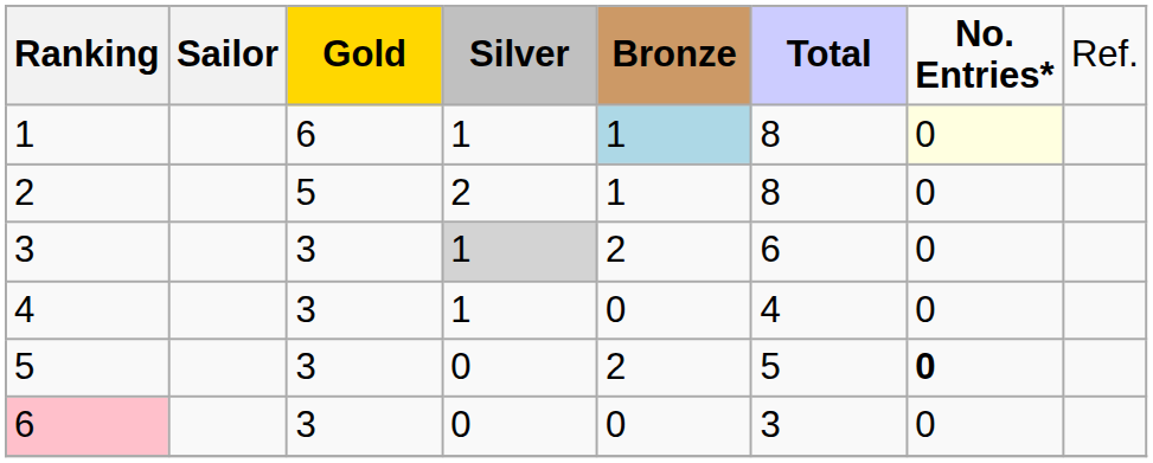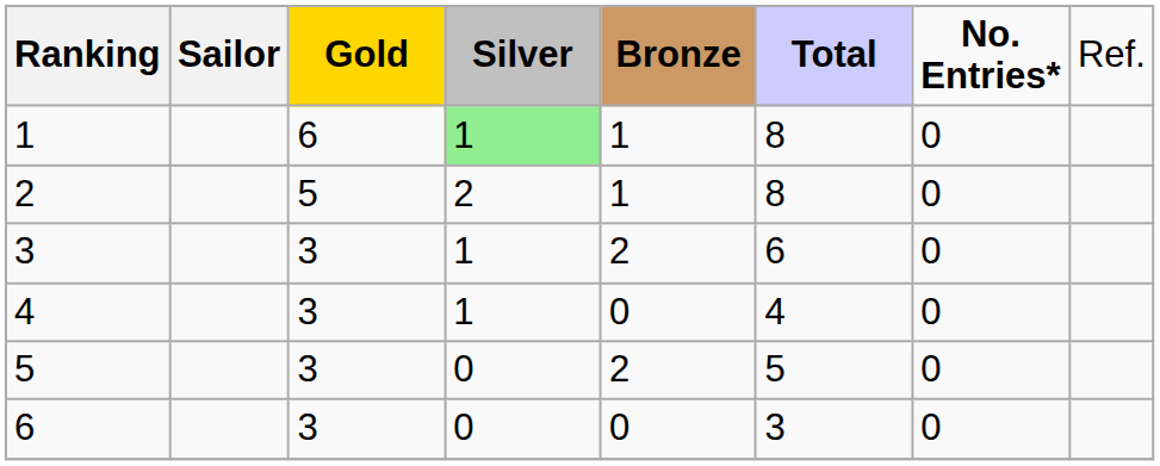 <table class="wikitable sortable">
 <tr>
 <th align=center><strong>Ranking</strong></th>
 <th align=center><strong>Sailor</strong></th>
 <td style="background:gold; width:60px; text-align:center;"><strong>Gold</strong></td>
 <td style="background:silver; width:60px; text-align:center;"><strong>Silver</strong></td>
 <td style="background:#c96; width:60px; text-align:center;"><strong>Bronze</strong></td>
 <td style="background:#ccf; width:60px; text-align:center;"><strong>Total</strong></td>
 <td style="width:60px; text-align:center;"><strong>No. Entries*</strong></td>
 <td>Ref.</td>
 </tr>
 <tr>
 <td>1</td>
 <td></td>
 <td>6</td>
+<td style="background: lightgreen;">1</td>
 <td>1</td>
-<td style="background: lightblue;">1</td>
 <td>8</td>
-<td style="background: lightyellow;">0</td>
+<td>0</td>
 <td></td>
 </tr>
 <tr>
 <td>2</td>
 <td></td>
 <td>5</td>
 <td>2</td>
 <td>1</td>
 <td>8</td>
 <td>0</td>
 <td></td>
 </tr>
 <tr>
 <td>3</td>
 <td></td>
 <td>3</td>
-<td style="background: lightgrey;">1</td>
+<td>1</td>
 <td>2</td>
 <td>6</td>
 <td>0</td>
 <td></td>
 </tr>
 <tr>
 <td>4</td>
 <td></td>
 <td>3</td>
 <td>1</td>
 <td>0</td>
 <td>4</td>
 <td>0</td>
 <td></td>
 </tr>
 <tr>
 <td>5</td>
 <td></td>
 <td>3</td>
 <td>0</td>
 <td>2</td>
 <td>5</td>
-<td><strong>0</strong></td>
+<td>0</td>
 <td></td>
 </tr>
 <tr>
-<td style="background: pink;">6</td>
+<td>6</td>
 <td></td>
 <td>3</td>
 <td>0</td>
 <td>0</td>
 <td>3</td>
 <td>0</td>
 <td></td>
 </tr>
 <tr>
 </tr>
 </table>
